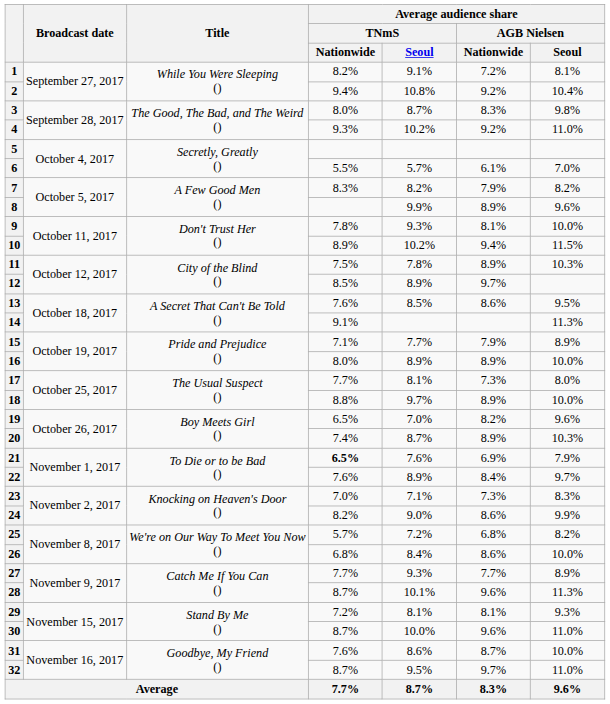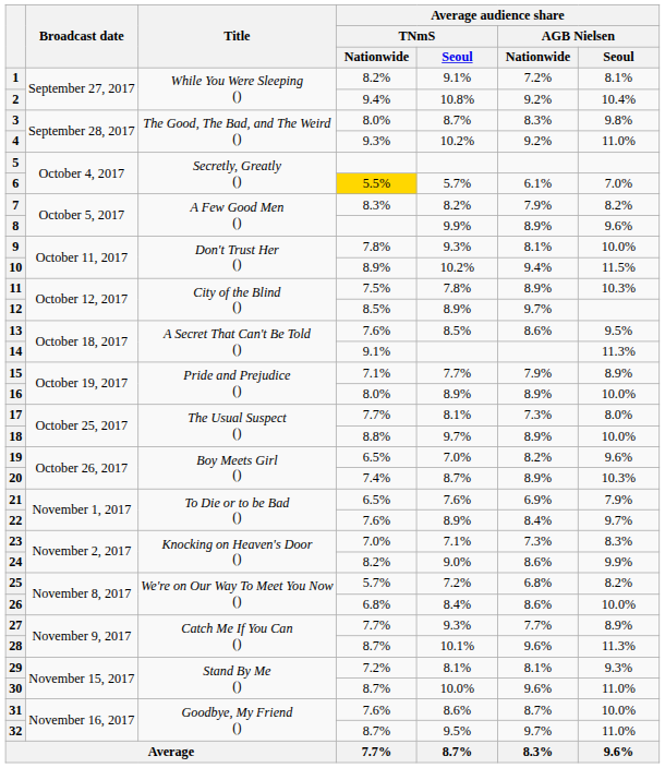 <table class="wikitable" style="text-align:center; margin-left: auto; margin-right: auto;">
 <tr>
 <th rowspan="3"></th>
 <th rowspan="3">Broadcast date</th>
 <th rowspan="3">Title</th>
 <th colspan="4">Average audience share</th>
 </tr>
 <tr>
 <th colspan="2">TNmS</th>
 <th colspan="2">AGB Nielsen</th>
 </tr>
 <tr>
 <th width="90">Nationwide</th>
 <th width="90"><a href='#'>Seoul</a></th>
 <th width="90">Nationwide</th>
 <th width="90">Seoul</th>
 </tr>
 <tr>
 <th>1</th>
 <td rowspan="2">September 27, 2017</td>
 <td rowspan="2"><em>While You Were Sleeping</em><br>()</td>
 <td>8.2% </td>
 <td>9.1% </td>
 <td>7.2% </td>
 <td>8.1% </td>
 </tr>
 <tr>
 <th>2</th>
 <td>9.4% </td>
 <td>10.8% </td>
 <td>9.2% </td>
 <td>10.4% </td>
 </tr>
 <tr>
 <th>3</th>
 <td rowspan="2">September 28, 2017</td>
 <td rowspan="2"><em>The Good, The Bad, and The Weird</em><br>()</td>
 <td>8.0% </td>
 <td>8.7% </td>
 <td>8.3% </td>
 <td>9.8% </td>
 </tr>
 <tr>
 <th>4</th>
 <td>9.3% </td>
 <td>10.2% </td>
 <td>9.2% </td>
 <td>11.0% </td>
 </tr>
 <tr>
 <th>5</th>
 <td rowspan="2">October 4, 2017</td>
 <td rowspan="2"><em>Secretly, Greatly</em><br>()</td>
 <td> </td>
 <td> </td>
 <td> </td>
 <td> </td>
 </tr>
 <tr>
 <th>6</th>
-<td>5.5% </td>
+<td style="background: gold;">5.5% </td>
 <td>5.7% </td>
 <td>6.1% </td>
 <td>7.0% </td>
 </tr>
 <tr>
 <th>7</th>
 <td rowspan="2">October 5, 2017</td>
 <td rowspan="2"><em>A Few Good Men</em><br>()</td>
 <td>8.3% </td>
 <td>8.2% </td>
 <td>7.9% </td>
 <td>8.2% </td>
 </tr>
 <tr>
 <th>8</th>
 <td> </td>
 <td>9.9% </td>
 <td>8.9% </td>
 <td>9.6% </td>
 </tr>
 <tr>
 <th>9</th>
 <td rowspan="2">October 11, 2017</td>
 <td rowspan="2"><em>Don't Trust Her</em><br>()</td>
 <td>7.8% </td>
 <td>9.3% </td>
 <td>8.1% </td>
 <td>10.0% </td>
 </tr>
 <tr>
 <th>10</th>
 <td>8.9% </td>
 <td>10.2% </td>
 <td>9.4% </td>
 <td>11.5% </td>
 </tr>
 <tr>
 <th>11</th>
 <td rowspan="2">October 12, 2017</td>
 <td rowspan="2"><em>City of the Blind</em><br>()</td>
 <td>7.5% </td>
 <td>7.8% </td>
 <td>8.9% </td>
 <td>10.3% </td>
 </tr>
 <tr>
 <th>12</th>
 <td>8.5% </td>
 <td>8.9% </td>
 <td>9.7% </td>
 <td> </td>
 </tr>
 <tr>
 <th>13</th>
 <td rowspan="2">October 18, 2017</td>
 <td rowspan="2"><em>A Secret That Can't Be Told</em><br>()</td>
 <td>7.6% </td>
 <td>8.5% </td>
 <td>8.6% </td>
 <td>9.5% </td>
 </tr>
 <tr>
 <th>14</th>
 <td>9.1% </td>
 <td> </td>
 <td> </td>
 <td>11.3% </td>
 </tr>
 <tr>
 <th>15</th>
 <td rowspan="2">October 19, 2017</td>
 <td rowspan="2"><em>Pride and Prejudice</em><br>()</td>
 <td>7.1% </td>
 <td>7.7% </td>
 <td>7.9% </td>
 <td>8.9% </td>
 </tr>
 <tr>
 <th>16</th>
 <td>8.0% </td>
 <td>8.9% </td>
 <td>8.9% </td>
 <td>10.0% </td>
 </tr>
 <tr>
 <th>17</th>
 <td rowspan="2">October 25, 2017</td>
 <td rowspan="2"><em>The Usual Suspect</em><br>()</td>
 <td>7.7% </td>
 <td>8.1% </td>
 <td>7.3% </td>
 <td>8.0% </td>
 </tr>
 <tr>
 <th>18</th>
 <td>8.8% </td>
 <td>9.7% </td>
 <td>8.9% </td>
 <td>10.0% </td>
 </tr>
 <tr>
 <th>19</th>
 <td rowspan="2">October 26, 2017</td>
 <td rowspan="2"><em>Boy Meets Girl</em><br>()</td>
 <td>6.5% </td>
 <td>7.0% </td>
 <td>8.2% </td>
 <td>9.6% </td>
 </tr>
 <tr>
 <th>20</th>
 <td>7.4% </td>
 <td>8.7% </td>
 <td>8.9% </td>
 <td>10.3% </td>
 </tr>
 <tr>
 <th>21</th>
 <td rowspan="2">November 1, 2017</td>
 <td rowspan="2"><em>To Die or to be Bad</em><br>()</td>
-<td><strong>6.5% </strong></td>
+<td>6.5% </td>
 <td>7.6% </td>
 <td>6.9% </td>
 <td>7.9% </td>
 </tr>
 <tr>
 <th>22</th>
 <td>7.6% </td>
 <td>8.9% </td>
 <td>8.4% </td>
 <td>9.7% </td>
 </tr>
 <tr>
 <th>23</th>
 <td rowspan="2">November 2, 2017</td>
 <td rowspan="2"><em>Knocking on Heaven's Door</em><br>()</td>
 <td>7.0% </td>
 <td>7.1% </td>
 <td>7.3% </td>
 <td>8.3% </td>
 </tr>
 <tr>
 <th>24</th>
 <td>8.2% </td>
 <td>9.0% </td>
 <td>8.6% </td>
 <td>9.9% </td>
 </tr>
 <tr>
 <th>25</th>
 <td rowspan="2">November 8, 2017</td>
 <td rowspan="2"><em>We're on Our Way To Meet You Now</em><br>()</td>
 <td>5.7% </td>
 <td>7.2% </td>
 <td>6.8% </td>
 <td>8.2% </td>
 </tr>
 <tr>
 <th>26</th>
 <td>6.8% </td>
 <td>8.4% </td>
 <td>8.6% </td>
 <td>10.0% </td>
 </tr>
 <tr>
 <th>27</th>
 <td rowspan="2">November 9, 2017</td>
 <td rowspan="2"><em>Catch Me If You Can</em><br>()</td>
 <td>7.7% </td>
 <td>9.3% </td>
 <td>7.7% </td>
 <td>8.9% </td>
 </tr>
 <tr>
 <th>28</th>
 <td>8.7% </td>
 <td>10.1% </td>
 <td>9.6% </td>
 <td>11.3% </td>
 </tr>
 <tr>
 <th>29</th>
 <td rowspan="2">November 15, 2017</td>
 <td rowspan="2"><em>Stand By Me</em><br>()</td>
 <td>7.2% </td>
 <td>8.1% </td>
 <td>8.1% </td>
 <td>9.3% </td>
 </tr>
 <tr>
 <th>30</th>
 <td>8.7% </td>
 <td>10.0% </td>
 <td>9.6% </td>
 <td>11.0% </td>
 </tr>
 <tr>
 <th>31</th>
 <td rowspan="2">November 16, 2017</td>
 <td rowspan="2"><em>Goodbye, My Friend</em><br>()</td>
 <td>7.6% </td>
 <td>8.6% </td>
 <td>8.7% </td>
 <td>10.0% </td>
 </tr>
 <tr>
 <th>32</th>
 <td>8.7% </td>
 <td>9.5% </td>
 <td>9.7% </td>
 <td>11.0% </td>
 </tr>
 <tr y>
 <th colspan="3">Average</th>
 <th><span><strong>7.7%</strong></span></th>
 <th><span><strong>8.7%</strong></span></th>
 <th><span><strong>8.3%</strong></span></th>
 <th><span><strong>9.6%</strong></span></th>
 </tr>
 </table>
